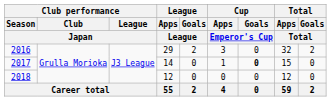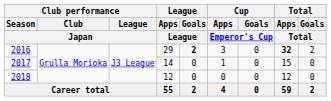 <table class="wikitable" style="text-align:center">
 <tr>
 <th colspan=3>Club performance</th>
 <th colspan=2>League</th>
 <th colspan=2>Cup</th>
 <th colspan=2>Total</th>
 </tr>
 <tr>
 <th>Season</th>
 <th>Club</th>
 <th>League</th>
 <th>Apps</th>
 <th>Goals</th>
 <th>Apps</th>
 <th>Goals</th>
 <th>Apps</th>
 <th>Goals</th>
 </tr>
 <tr>
 <th colspan=3>Japan</th>
 <th colspan=2>League</th>
 <th colspan=2><a href='#'>Emperor's Cup</a></th>
 <th colspan=2>Total</th>
 </tr>
 <tr>
 <td><a href='#'>2016</a></td>
 <td rowspan="3"><a href='#'>Grulla Morioka</a></td>
 <td rowspan="3"><a href='#'>J3 League</a></td>
 <td>29</td>
-<td>2</td>
+<td><strong>2</strong></td>
 <td>3</td>
 <td>0</td>
-<td>32</td>
+<td><strong>32</strong></td>
 <td>2</td>
 </tr>
 <tr>
 <td><a href='#'>2017</a></td>
 <td>14</td>
 <td>0</td>
 <td>1</td>
-<td><strong>0</strong></td>
+<td>0</td>
 <td>15</td>
 <td>0</td>
 </tr>
 <tr>
 <td><a href='#'>2018</a></td>
 <td>12</td>
 <td>0</td>
 <td>0</td>
 <td>0</td>
 <td>12</td>
 <td>0</td>
 </tr>
 <tr>
 <th colspan=3>Career total</th>
 <th>55</th>
 <th>2</th>
 <th>4</th>
 <th>0</th>
 <th>59</th>
 <th>2</th>
 </tr>
 </table>
